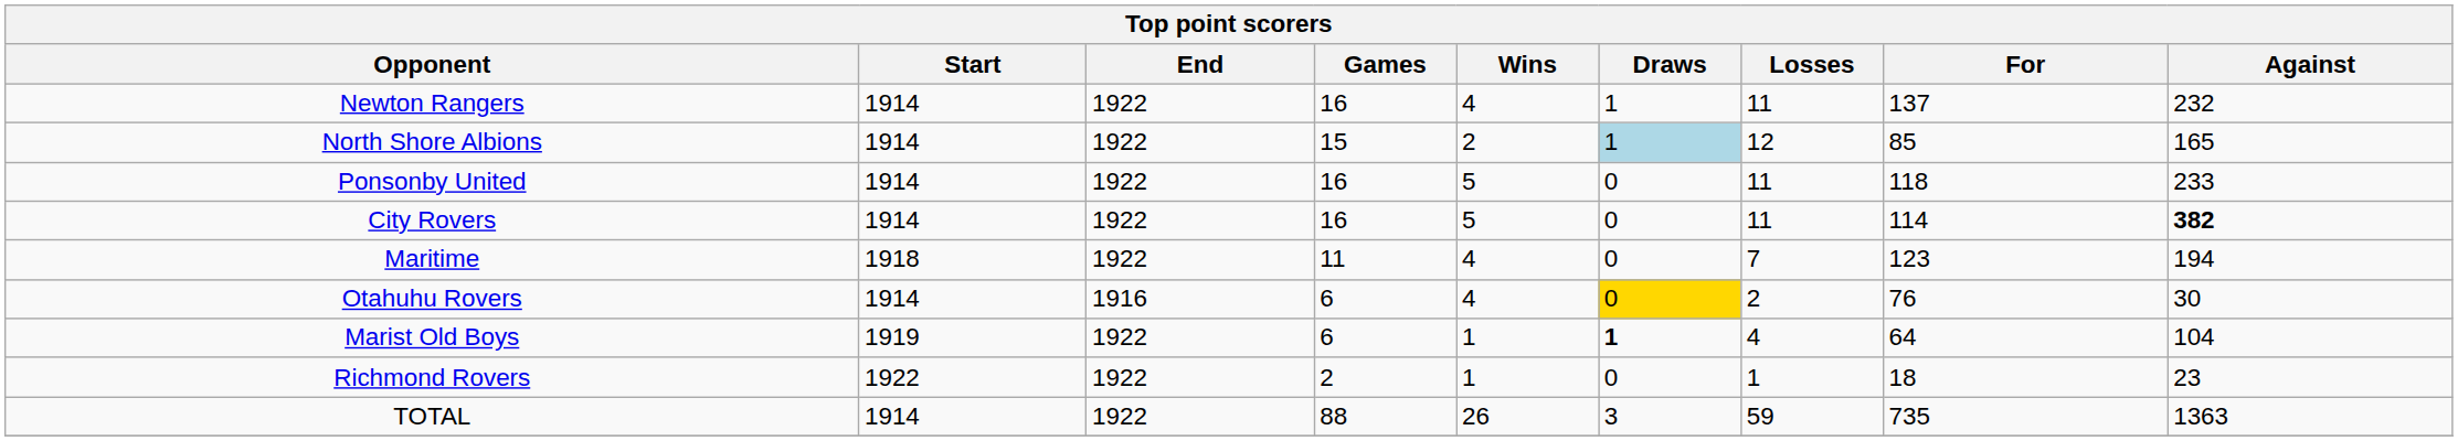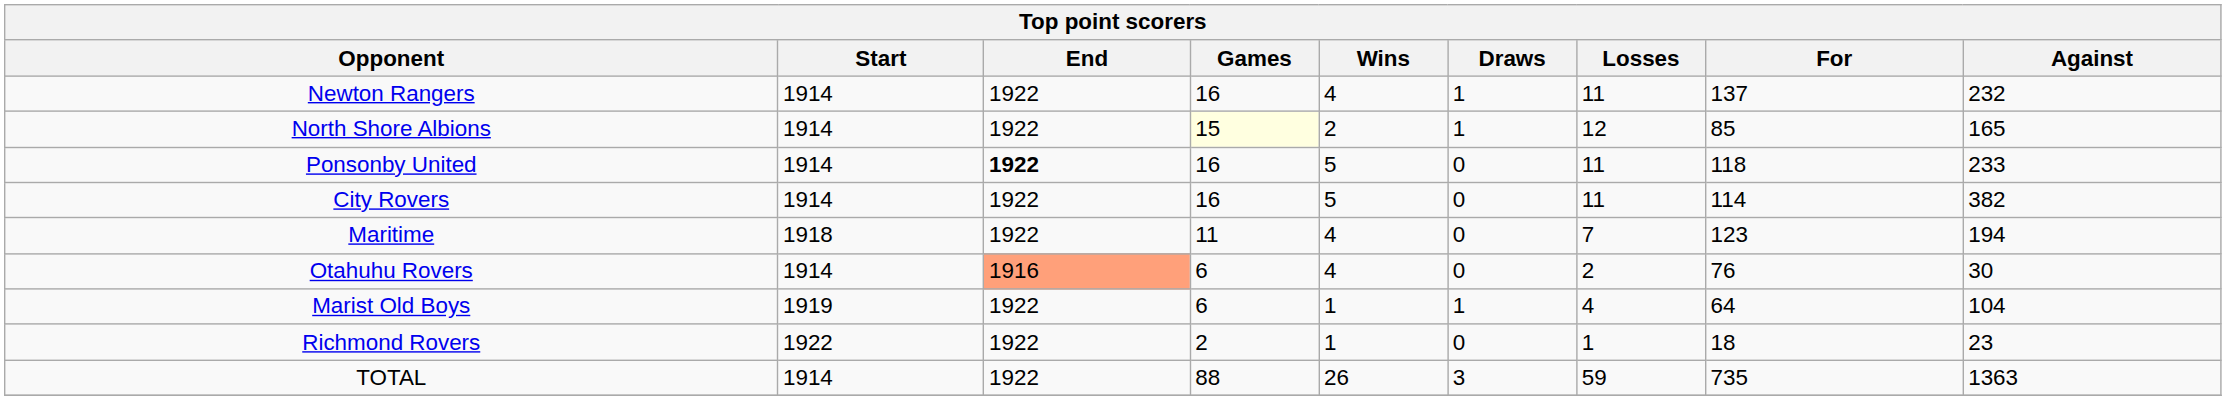 <table class="wikitable collapsible sortable" style="text-align:left; font-size:100%; width:100%;">
 <tr>
 <th colspan="100%">Top point scorers</th>
 </tr>
 <tr>
 <th style="width:30%;">Opponent</th>
 <th style="width:8%;">Start</th>
 <th style="width:8%;">End</th>
 <th style="width:5%;">Games</th>
 <th style="width:5%;">Wins</th>
 <th style="width:5%;">Draws</th>
 <th style="width:5%;">Losses</th>
 <th style="width:10%;">For</th>
 <th style="width:10%;">Against<br></th>
 </tr>
 <tr>
 <td style="text-align:center;"><a href='#'>Newton Rangers</a></td>
 <td>1914</td>
 <td>1922</td>
 <td>16</td>
 <td>4</td>
 <td>1</td>
 <td>11</td>
 <td>137</td>
 <td>232</td>
 </tr>
 <tr>
 <td style="text-align:center;"><a href='#'>North Shore Albions</a></td>
 <td>1914</td>
 <td>1922</td>
-<td>15</td>
+<td style="background: lightyellow;">15</td>
 <td>2</td>
-<td style="background: lightblue;">1</td>
+<td>1</td>
 <td>12</td>
 <td>85</td>
 <td>165</td>
 </tr>
 <tr>
 <td style="text-align:center;"><a href='#'>Ponsonby United</a></td>
 <td>1914</td>
-<td>1922</td>
+<td><strong>1922</strong></td>
 <td>16</td>
 <td>5</td>
 <td>0</td>
 <td>11</td>
 <td>118</td>
 <td>233</td>
 </tr>
 <tr>
 <td style="text-align:center;"><a href='#'>City Rovers</a></td>
 <td>1914</td>
 <td>1922</td>
 <td>16</td>
 <td>5</td>
 <td>0</td>
 <td>11</td>
 <td>114</td>
-<td><strong>382</strong></td>
+<td>382</td>
 </tr>
 <tr>
 <td style="text-align:center;"><a href='#'>Maritime</a></td>
 <td>1918</td>
 <td>1922</td>
 <td>11</td>
 <td>4</td>
 <td>0</td>
 <td>7</td>
 <td>123</td>
 <td>194</td>
 </tr>
 <tr>
 <td style="text-align:center;"><a href='#'>Otahuhu Rovers</a></td>
 <td>1914</td>
-<td>1916</td>
+<td style="background: lightsalmon;">1916</td>
 <td>6</td>
 <td>4</td>
-<td style="background: gold;">0</td>
+<td>0</td>
 <td>2</td>
 <td>76</td>
 <td>30</td>
 </tr>
 <tr>
 <td style="text-align:center;"><a href='#'>Marist Old Boys</a></td>
 <td>1919</td>
 <td>1922</td>
 <td>6</td>
 <td>1</td>
-<td><strong>1</strong></td>
+<td>1</td>
 <td>4</td>
 <td>64</td>
 <td>104</td>
 </tr>
 <tr>
 <td style="text-align:center;"><a href='#'>Richmond Rovers</a></td>
 <td>1922</td>
 <td>1922</td>
 <td>2</td>
 <td>1</td>
 <td>0</td>
 <td>1</td>
 <td>18</td>
 <td>23</td>
 </tr>
 <tr>
 <td style="text-align:center;">TOTAL</td>
 <td>1914</td>
 <td>1922</td>
 <td>88</td>
 <td>26</td>
 <td>3</td>
 <td>59</td>
 <td>735</td>
 <td>1363</td>
 </tr>
 <tr>
 </tr>
 </table>
